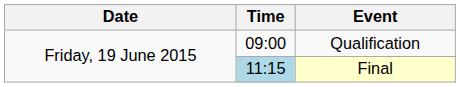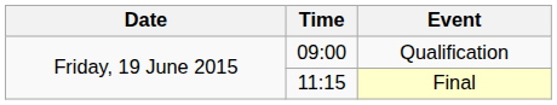 <table class = "wikitable" style="text-align:center;">
 <tr>
 <th width=220>Date</th>
 <th width=50>Time</th>
 <th width=150>Event</th>
 </tr>
 <tr>
 <td rowspan=2>Friday, 19 June 2015</td>
 <td>09:00</td>
 <td>Qualification</td>
 </tr>
 <tr>
-<td style="background: lightblue;">11:15</td>
+<td>11:15</td>
 <td bgcolor=ffffcc>Final</td>
 </tr>
 </table>
